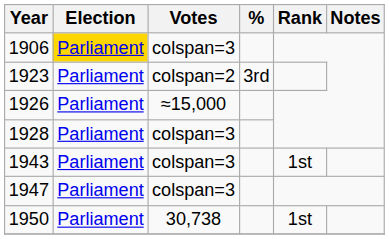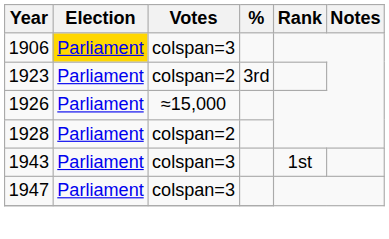 <table class="wikitable" style="text-align:center;">
 <tr>
 <th>Year</th>
 <th>Election</th>
 <th>Votes</th>
 <th>%</th>
 <th>Rank</th>
 <th>Notes</th>
 </tr>
 <tr>
 <td>1906</td>
 <td style="background: gold;"><a href='#'>Parliament</a></td>
 <td>colspan=3 </td>
 <td></td>
 </tr>
 <tr>
 <td>1923</td>
 <td><a href='#'>Parliament</a></td>
 <td>colspan=2 </td>
 <td>3rd</td>
 <td></td>
 </tr>
 <tr>
 <td>1926</td>
 <td><a href='#'>Parliament</a></td>
 <td>≈15,000</td>
 <td></td>
 </tr>
 <tr>
 <td>1928</td>
 <td><a href='#'>Parliament</a></td>
-<td>colspan=3 </td>
+<td>colspan=2 </td>
 <td></td>
 </tr>
 <tr>
 <td>1943</td>
 <td><a href='#'>Parliament</a></td>
 <td>colspan=3 </td>
 <td></td>
 <td>1st</td>
 <td></td>
 </tr>
 <tr>
 <td>1947</td>
 <td><a href='#'>Parliament</a></td>
 <td>colspan=3 </td>
 <td></td>
 </tr>
 <tr>
-<td>1950</td>
-<td><a href='#'>Parliament</a></td>
-<td>30,738</td>
-<td></td>
-<td>1st</td>
-<td></td>
-</tr>
-<tr>
 </tr>
 </table>
